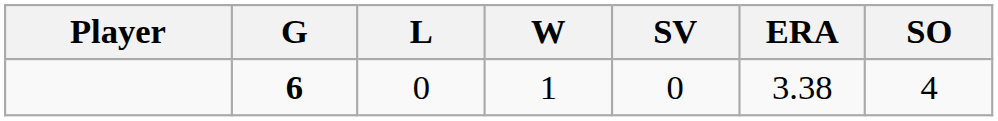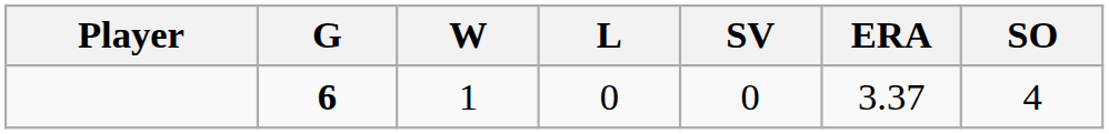 <table class="wikitable sortable">
 <tr>
 <th bgcolor="#DDDDFF" width="16%">Player</th>
 <th bgcolor="#DDDDFF" width="9%">G</th>
+<th bgcolor="#DDDDFF" width="9%">W</th>
 <th bgcolor="#DDDDFF" width="9%">L</th>
-<th bgcolor="#DDDDFF" width="9%">W</th>
 <th bgcolor="#DDDDFF" width="9%">SV</th>
 <th bgcolor="#DDDDFF" width="9%">ERA</th>
 <th bgcolor="#DDDDFF" width="9%">SO</th>
 </tr>
 <tr align="center">
 <td></td>
 <td><strong>6</strong></td>
-<td>0</td>
 <td>1</td>
 <td>0</td>
-<td>3.38</td>
+<td>0</td>
+<td>3.37</td>
 <td>4</td>
 </tr>
 </table>
